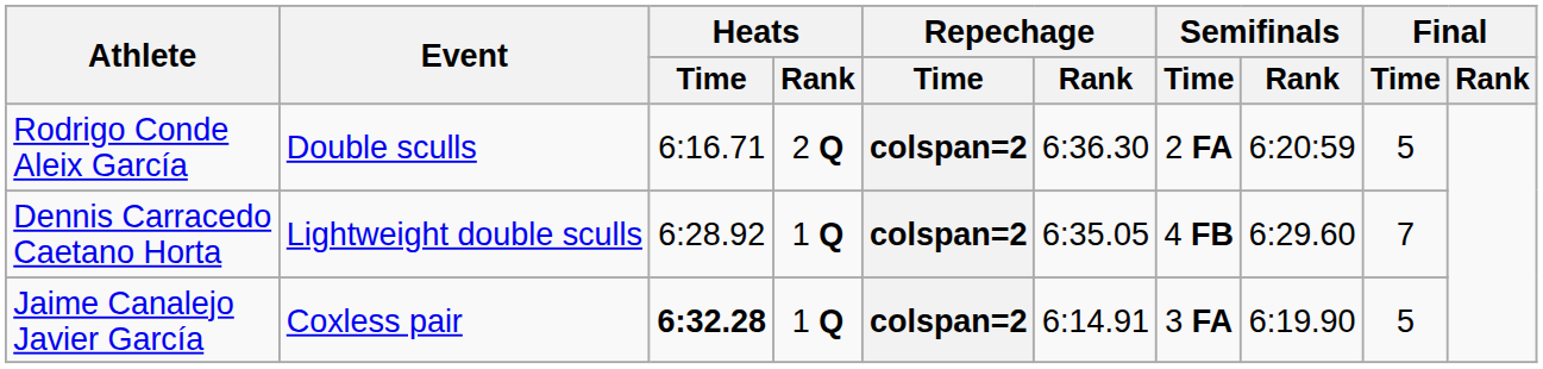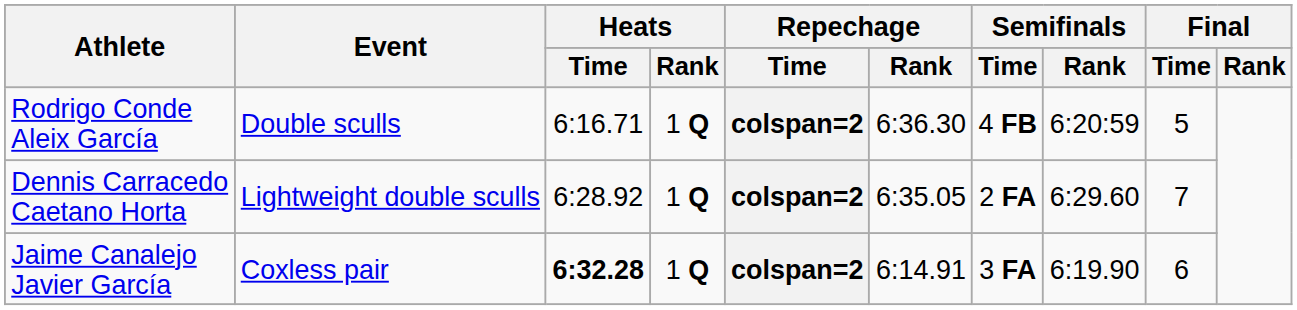 <table class="wikitable" style="font-size:90%">
 <tr>
 <th rowspan="2">Athlete</th>
 <th rowspan="2">Event</th>
 <th colspan="2">Heats</th>
 <th colspan="2">Repechage</th>
 <th colspan="2">Semifinals</th>
 <th colspan="2">Final</th>
 </tr>
 <tr style="font-size:95%">
 <th>Time</th>
 <th>Rank</th>
 <th>Time</th>
 <th>Rank</th>
 <th>Time</th>
 <th>Rank</th>
 <th>Time</th>
 <th>Rank</th>
 </tr>
 <tr align=center>
 <td align=left><a href='#'>Rodrigo Conde</a><br><a href='#'>Aleix García</a></td>
 <td align=left><a href='#'>Double sculls</a></td>
 <td>6:16.71</td>
-<td>2 <strong>Q</strong></td>
+<td>1 <strong>Q</strong></td>
 <th>colspan=2 </th>
 <td>6:36.30</td>
-<td>2 <strong>FA</strong></td>
+<td>4 <strong>FB</strong></td>
 <td>6:20:59</td>
 <td>5</td>
 </tr>
 <tr align=center>
 <td align=left><a href='#'>Dennis Carracedo</a><br><a href='#'>Caetano Horta</a></td>
 <td align=left><a href='#'>Lightweight double sculls</a></td>
 <td>6:28.92</td>
 <td>1 <strong>Q</strong></td>
 <th>colspan=2 </th>
 <td>6:35.05</td>
-<td>4 <strong>FB</strong></td>
+<td>2 <strong>FA</strong></td>
 <td>6:29.60</td>
 <td>7</td>
 </tr>
 <tr align=center>
 <td align=left><a href='#'>Jaime Canalejo</a><br><a href='#'>Javier García</a></td>
 <td align=left><a href='#'>Coxless pair</a></td>
 <td><strong>6:32.28</strong></td>
 <td>1 <strong>Q</strong></td>
 <th>colspan=2 </th>
 <td>6:14.91</td>
 <td>3 <strong>FA</strong></td>
 <td>6:19.90</td>
-<td>5</td>
+<td>6</td>
 </tr>
 </table>
